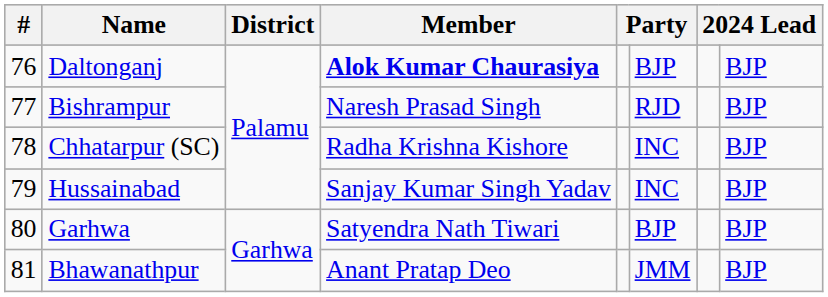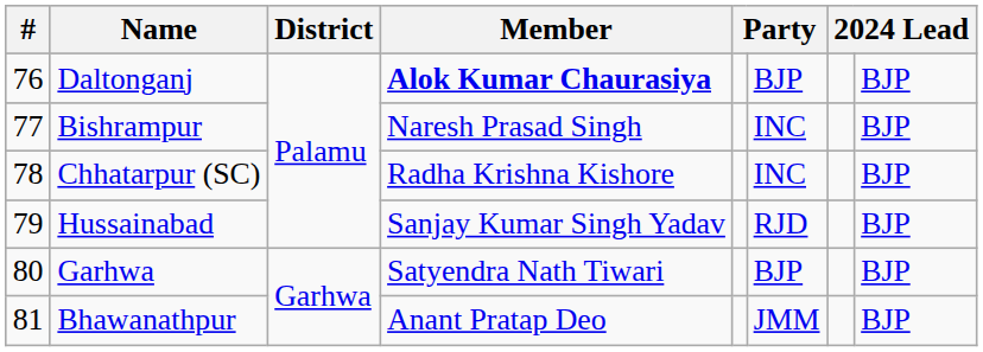 <table class="wikitable">
 <tr>
 <th>#</th>
 <th>Name</th>
 <th>District</th>
 <th>Member</th>
 <th colspan="2">Party</th>
 <th colspan="2">2024 Lead</th>
 </tr>
 <tr>
 <td>76</td>
 <td><a href='#'>Daltonganj</a></td>
 <td rowspan="4"><a href='#'>Palamu</a></td>
 <td><strong><a href='#'>Alok Kumar Chaurasiya</a></strong></td>
 <td style="background-color: "></td>
 <td><a href='#'>BJP</a></td>
 <td style="background-color: "></td>
 <td><a href='#'>BJP</a></td>
 </tr>
 <tr>
 <td>77</td>
 <td><a href='#'>Bishrampur</a></td>
 <td><a href='#'>Naresh Prasad Singh</a></td>
 <td style="background-color: "></td>
-<td><a href='#'>RJD</a></td>
+<td><a href='#'>INC</a></td>
 <td style="background-color: "></td>
 <td><a href='#'>BJP</a></td>
 </tr>
 <tr>
 <td>78</td>
 <td><a href='#'>Chhatarpur</a> (SC)</td>
 <td><a href='#'>Radha Krishna Kishore</a></td>
 <td style="background-color: "></td>
 <td><a href='#'>INC</a></td>
 <td style="background-color: "></td>
 <td><a href='#'>BJP</a></td>
 </tr>
 <tr>
 <td>79</td>
 <td><a href='#'>Hussainabad</a></td>
 <td><a href='#'>Sanjay Kumar Singh Yadav</a></td>
 <td style="background-color: "></td>
-<td><a href='#'>INC</a></td>
+<td><a href='#'>RJD</a></td>
 <td style="background-color: "></td>
 <td><a href='#'>BJP</a></td>
 </tr>
 <tr>
 <td>80</td>
 <td><a href='#'>Garhwa</a></td>
 <td rowspan="2"><a href='#'>Garhwa</a></td>
 <td><a href='#'>Satyendra Nath Tiwari</a></td>
 <td style="background-color: "></td>
 <td><a href='#'>BJP</a></td>
 <td style="background-color: "></td>
 <td><a href='#'>BJP</a></td>
 </tr>
 <tr>
 <td>81</td>
 <td><a href='#'>Bhawanathpur</a></td>
 <td><a href='#'>Anant Pratap Deo</a></td>
 <td style="background-color: "></td>
 <td><a href='#'>JMM</a></td>
 <td style="background-color: "></td>
 <td><a href='#'>BJP</a></td>
 </tr>
 </table>
